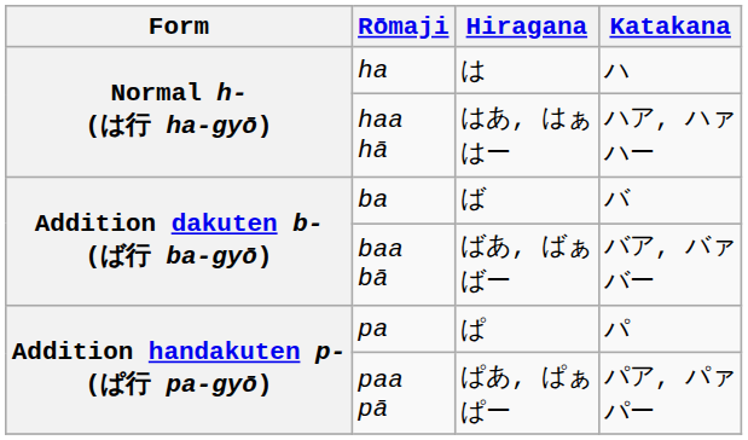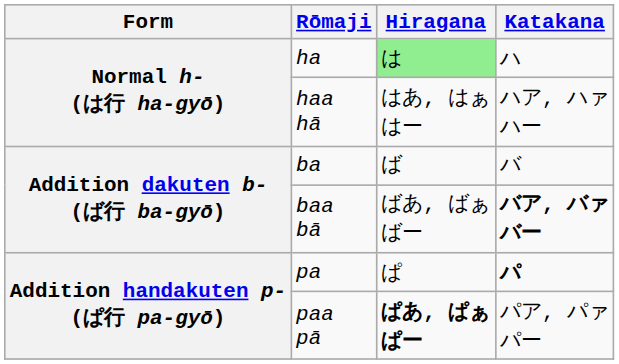 <table class="wikitable">
 <tr>
 <th>Form</th>
 <th><a href='#'>Rōmaji</a></th>
 <th><a href='#'>Hiragana</a></th>
 <th><a href='#'>Katakana</a></th>
 </tr>
 <tr>
 <th rowspan="2">Normal <em>h-</em><br>(は行 <em>ha-gyō</em>)</th>
 <td><em>ha</em></td>
-<td>は</td>
+<td style="background: lightgreen;">は</td>
 <td>ハ</td>
 </tr>
 <tr>
 <td><em>haa</em><br><em>hā</em></td>
 <td>はあ, はぁ<br>はー</td>
 <td>ハア, ハァ<br>ハー</td>
 </tr>
 <tr>
 <th rowspan="2">Addition <a href='#'>dakuten</a> <em>b-</em><br>(ば行 <em>ba-gyō</em>)</th>
 <td><em>ba</em></td>
 <td>ば</td>
 <td>バ</td>
 </tr>
 <tr>
 <td><em>baa</em><br><em>bā</em></td>
 <td>ばあ, ばぁ<br>ばー</td>
-<td>バア, バァ<br>バー</td>
+<td><strong>バア, バァ<br>バー</strong></td>
 </tr>
 <tr>
 <th rowspan="2">Addition <a href='#'>handakuten</a> <em>p-</em><br>(ぱ行 <em>pa-gyō</em>)</th>
 <td><em>pa</em></td>
 <td>ぱ</td>
-<td>パ</td>
+<td><strong>パ</strong></td>
 </tr>
 <tr>
 <td><em>paa</em><br><em>pā</em></td>
-<td>ぱあ, ぱぁ<br>ぱー</td>
+<td><strong>ぱあ, ぱぁ<br>ぱー</strong></td>
 <td>パア, パァ<br>パー</td>
 </tr>
 </table>
